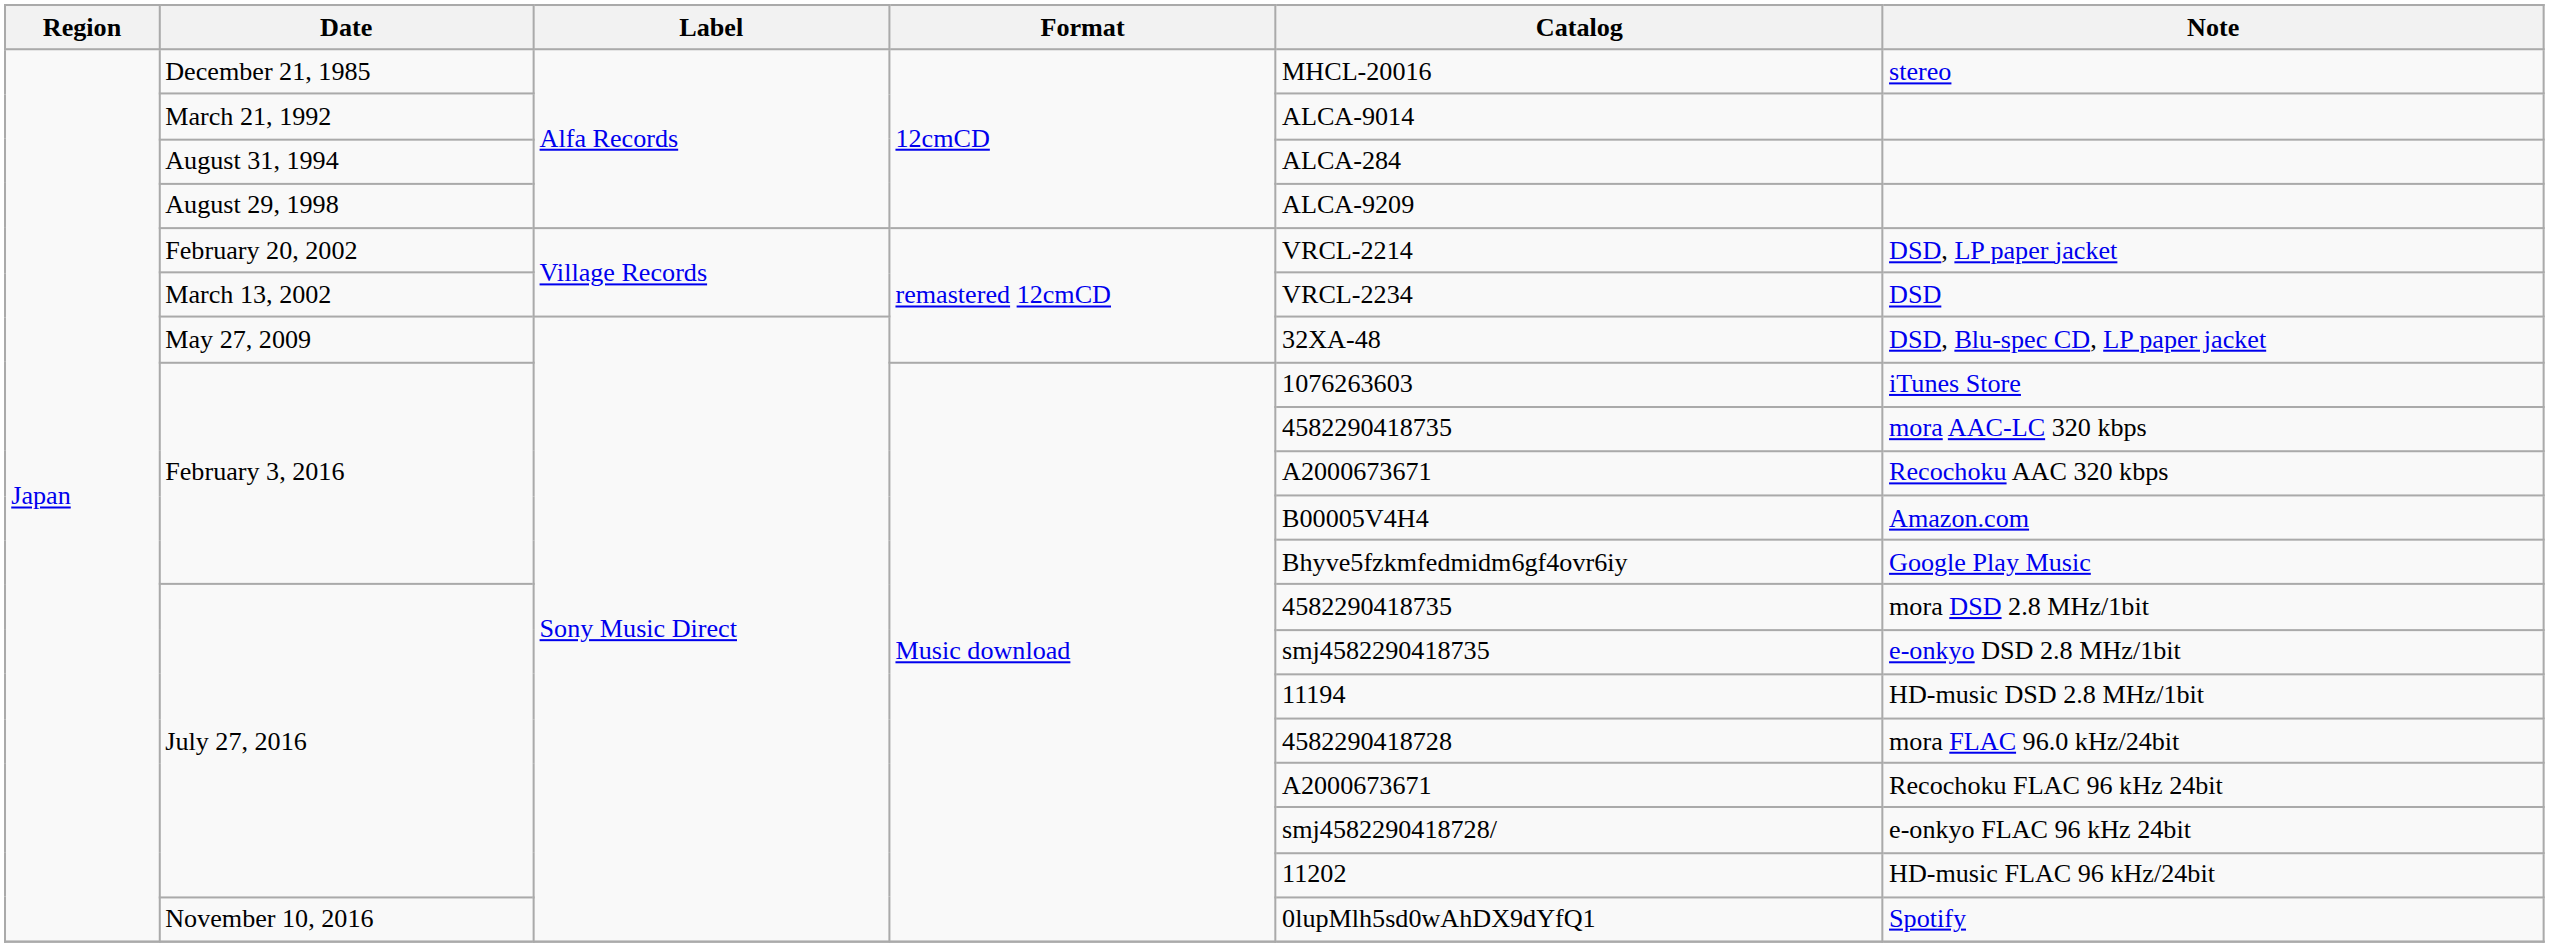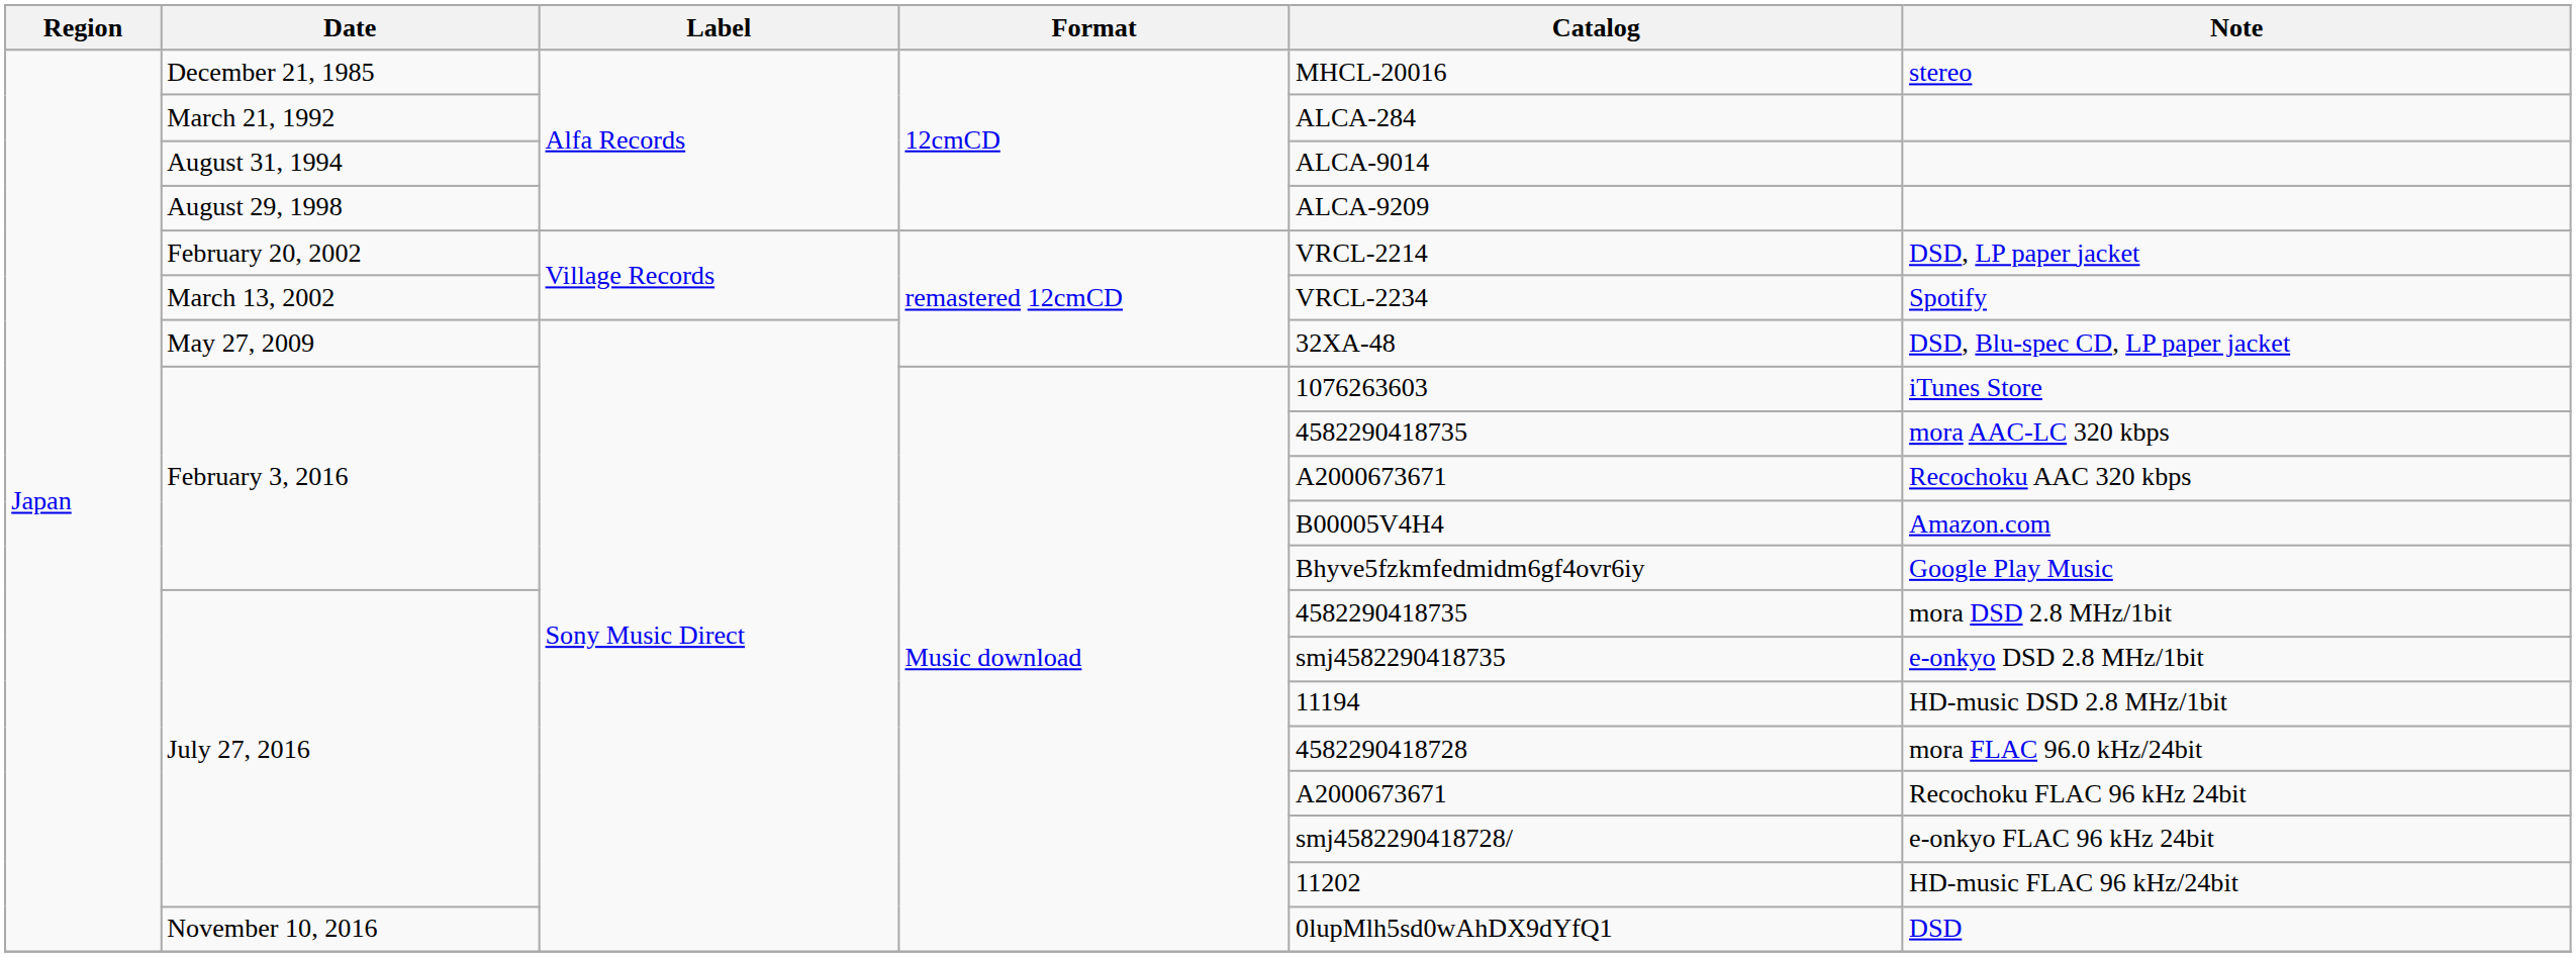 <table class="wikitable sortable" style="margin:0 auto; font-size:small; width:100%">
 <tr>
 <th>Region</th>
 <th>Date</th>
 <th>Label</th>
 <th>Format</th>
 <th>Catalog</th>
 <th>Note</th>
 </tr>
 <tr>
 <td rowspan="20"><a href='#'>Japan</a></td>
 <td>December 21, 1985</td>
 <td rowspan="4"><a href='#'>Alfa Records</a></td>
 <td rowspan="4"><a href='#'>12cmCD</a></td>
 <td>MHCL-20016</td>
 <td><a href='#'>stereo</a></td>
 </tr>
 <tr>
 <td>March 21, 1992</td>
-<td>ALCA-9014</td>
+<td>ALCA-284</td>
 <td></td>
 </tr>
 <tr>
 <td>August 31, 1994</td>
-<td>ALCA-284</td>
+<td>ALCA-9014</td>
 <td></td>
 </tr>
 <tr>
 <td>August 29, 1998</td>
 <td>ALCA-9209</td>
 <td></td>
 </tr>
 <tr>
 <td>February 20, 2002</td>
 <td rowspan="2"><a href='#'>Village Records</a></td>
 <td rowspan="3"><a href='#'>remastered</a> <a href='#'>12cmCD</a></td>
 <td>VRCL-2214</td>
 <td><a href='#'>DSD</a>, <a href='#'>LP paper jacket</a></td>
 </tr>
 <tr>
 <td>March 13, 2002</td>
 <td>VRCL-2234</td>
-<td><a href='#'>DSD</a></td>
+<td><a href='#'>Spotify</a></td>
 </tr>
 <tr>
 <td>May 27, 2009</td>
 <td rowspan="14”"><a href='#'>Sony Music Direct</a></td>
 <td>32XA-48</td>
 <td><a href='#'>DSD</a>, <a href='#'>Blu-spec CD</a>, <a href='#'>LP paper jacket</a></td>
 </tr>
 <tr>
 <td rowspan="5">February 3, 2016</td>
 <td rowspan="13"><a href='#'>Music download</a></td>
 <td>1076263603</td>
 <td><a href='#'>iTunes Store</a></td>
 </tr>
 <tr>
 <td>4582290418735</td>
 <td><a href='#'>mora</a> <a href='#'>AAC-LC</a>  320 kbps</td>
 </tr>
 <tr>
 <td>A2000673671</td>
 <td><a href='#'>Recochoku</a> AAC  320 kbps</td>
 </tr>
 <tr>
 <td>B00005V4H4</td>
 <td><a href='#'>Amazon.com</a></td>
 </tr>
 <tr>
 <td>Bhyve5fzkmfedmidm6gf4ovr6iy</td>
 <td><a href='#'>Google Play Music</a></td>
 </tr>
 <tr>
 <td rowspan="7">July 27, 2016</td>
 <td>4582290418735</td>
 <td>mora <a href='#'>DSD</a> 2.8 MHz/1bit</td>
 </tr>
 <tr>
 <td>smj4582290418735</td>
 <td><a href='#'>e-onkyo</a>  DSD 2.8 MHz/1bit</td>
 </tr>
 <tr>
 <td>11194</td>
 <td>HD-music DSD 2.8 MHz/1bit</td>
 </tr>
 <tr>
 <td>4582290418728</td>
 <td>mora <a href='#'>FLAC</a> 96.0 kHz/24bit</td>
 </tr>
 <tr>
 <td>A2000673671</td>
 <td>Recochoku FLAC 96 kHz 24bit</td>
 </tr>
 <tr>
 <td>smj4582290418728/</td>
 <td>e-onkyo FLAC 96 kHz 24bit</td>
 </tr>
 <tr>
 <td>11202</td>
 <td>HD-music FLAC 96 kHz/24bit</td>
 </tr>
 <tr>
 <td>November 10, 2016</td>
 <td>0lupMlh5sd0wAhDX9dYfQ1</td>
-<td><a href='#'>Spotify</a></td>
+<td><a href='#'>DSD</a></td>
 </tr>
 <tr>
 </tr>
 </table>
